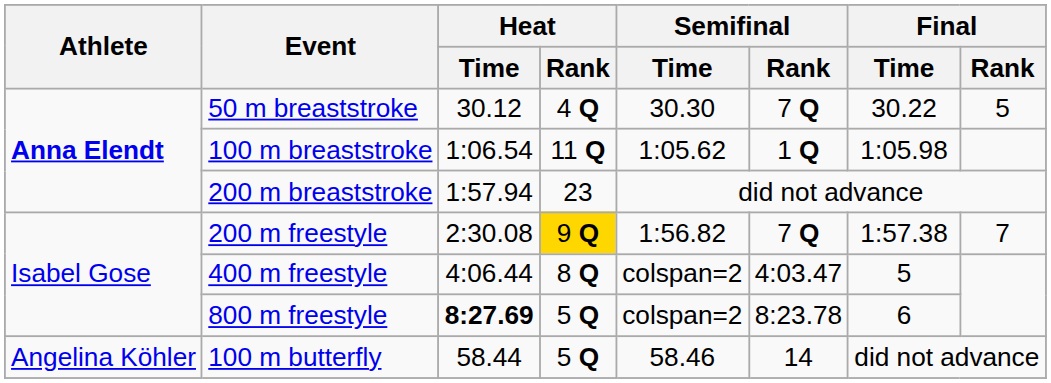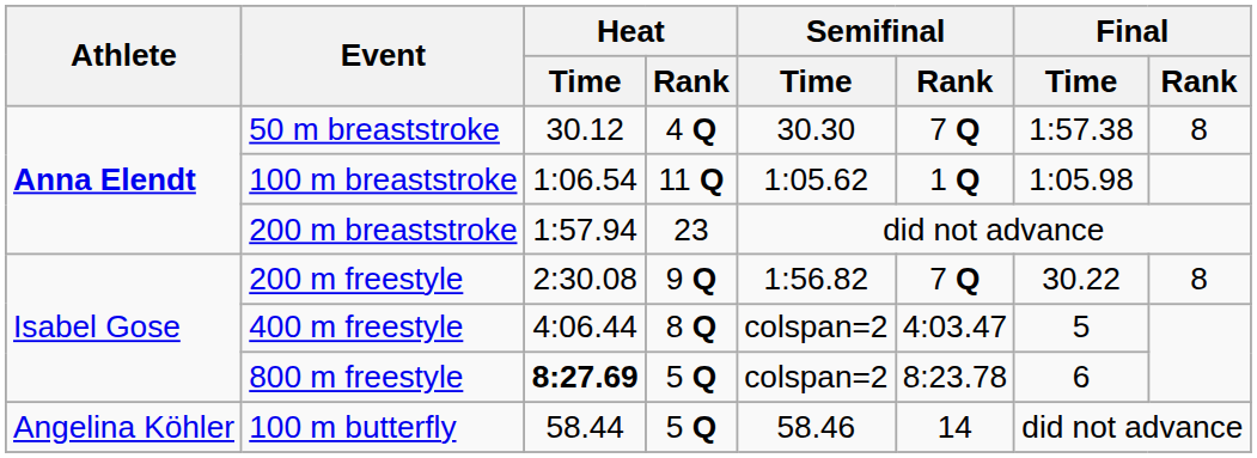 <table class="wikitable" style="font-size:90%;">
 <tr>
 <th rowspan="2">Athlete</th>
 <th rowspan="2">Event</th>
 <th colspan="2">Heat</th>
 <th colspan="2">Semifinal</th>
 <th colspan="2">Final</th>
 </tr>
 <tr>
 <th>Time</th>
 <th>Rank</th>
 <th>Time</th>
 <th>Rank</th>
 <th>Time</th>
 <th>Rank</th>
 </tr>
 <tr align="center">
 <td align="left" rowspan=3><strong><a href='#'>Anna Elendt</a></strong></td>
 <td align="left"><a href='#'>50 m breaststroke</a></td>
 <td>30.12</td>
 <td>4 <strong>Q</strong></td>
 <td>30.30</td>
 <td>7 <strong>Q</strong></td>
-<td>30.22</td>
-<td>5</td>
+<td>1:57.38</td>
+<td>8</td>
 </tr>
 <tr align="center">
 <td align="left"><a href='#'>100 m breaststroke</a></td>
 <td>1:06.54</td>
 <td>11 <strong>Q</strong></td>
 <td>1:05.62</td>
 <td>1 <strong>Q</strong></td>
 <td>1:05.98</td>
 <td></td>
 </tr>
 <tr align="center">
 <td align="left"><a href='#'>200 m breaststroke</a></td>
 <td>1:57.94</td>
 <td>23</td>
 <td colspan=4>did not advance</td>
 </tr>
 <tr align="center">
 <td rowspan="3" align="left"><a href='#'>Isabel Gose</a></td>
 <td align="left"><a href='#'>200 m freestyle</a></td>
 <td>2:30.08</td>
-<td style="background: gold;">9 <strong>Q</strong></td>
+<td>9 <strong>Q</strong></td>
 <td>1:56.82</td>
 <td>7 <strong>Q</strong></td>
-<td>1:57.38</td>
-<td>7</td>
+<td>30.22</td>
+<td>8</td>
 </tr>
 <tr align="center">
 <td align="left"><a href='#'>400 m freestyle</a></td>
 <td>4:06.44</td>
 <td>8 <strong>Q</strong></td>
 <td>colspan=2</td>
 <td>4:03.47</td>
 <td>5</td>
 </tr>
 <tr align="center">
 <td align="left"><a href='#'>800 m freestyle</a></td>
 <td><strong>8:27.69</strong></td>
 <td>5 <strong>Q</strong></td>
 <td>colspan=2</td>
 <td>8:23.78</td>
 <td>6</td>
 </tr>
 <tr align="center">
 <td align="left"><a href='#'>Angelina Köhler</a></td>
 <td align="left"><a href='#'>100 m butterfly</a></td>
 <td>58.44</td>
 <td>5 <strong>Q</strong></td>
 <td>58.46</td>
 <td>14</td>
 <td colspan=2>did not advance</td>
 </tr>
 </table>
